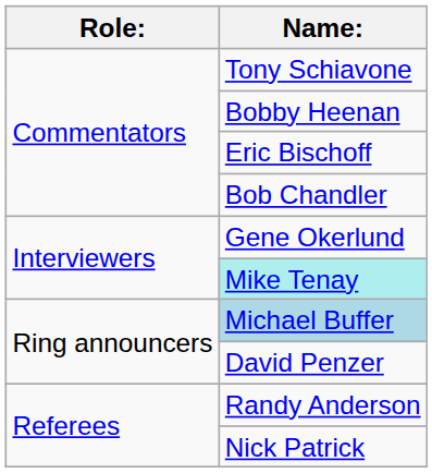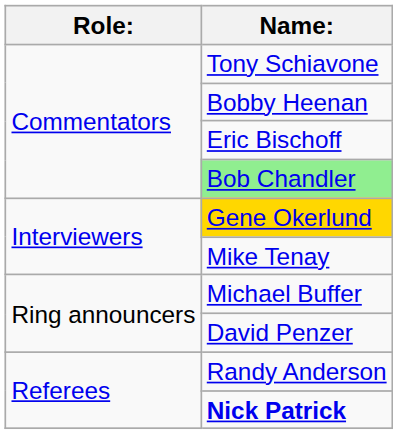 <table class=wikitable style="font-size:90%; margin: 0.5em 0 0.5em 1em; float: right; clear: right;">
 <tr>
 <th>Role:</th>
 <th>Name:</th>
 </tr>
 <tr>
 <td rowspan=4><a href='#'>Commentators</a></td>
 <td><a href='#'>Tony Schiavone</a></td>
 </tr>
 <tr>
 <td><a href='#'>Bobby Heenan</a></td>
 </tr>
 <tr>
 <td><a href='#'>Eric Bischoff</a> </td>
 </tr>
 <tr>
-<td><a href='#'>Bob Chandler</a> </td>
+<td style="background: lightgreen;"><a href='#'>Bob Chandler</a> </td>
 </tr>
 <tr>
 <td rowspan=2><a href='#'>Interviewers</a></td>
-<td><a href='#'>Gene Okerlund</a></td>
+<td style="background: gold;"><a href='#'>Gene Okerlund</a></td>
 </tr>
 <tr>
-<td style="background: paleturquoise;"><a href='#'>Mike Tenay</a></td>
+<td><a href='#'>Mike Tenay</a></td>
 </tr>
 <tr>
 <td rowspan=2>Ring announcers</td>
-<td style="background: lightblue;"><a href='#'>Michael Buffer</a></td>
+<td><a href='#'>Michael Buffer</a></td>
 </tr>
 <tr>
 <td><a href='#'>David Penzer</a></td>
 </tr>
 <tr>
 <td rowspan=2><a href='#'>Referees</a></td>
 <td><a href='#'>Randy Anderson</a></td>
 </tr>
 <tr>
-<td><a href='#'>Nick Patrick</a></td>
+<td><strong><a href='#'>Nick Patrick</a></strong></td>
 </tr>
 </table>
